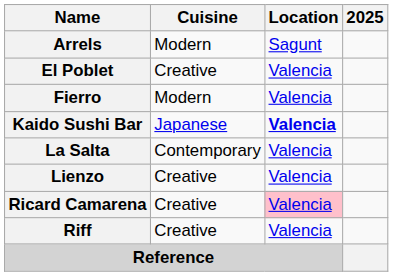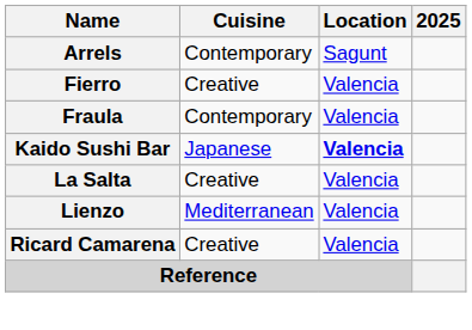 <table class="wikitable sortable plainrowheaders" style="text-align:left;">
 <tr>
 <th scope="col">Name</th>
 <th scope="col">Cuisine</th>
 <th scope="col">Location</th>
 <th scope="col">2025</th>
 </tr>
 <tr>
 <th scope="row">Arrels</th>
-<td>Modern</td>
+<td>Contemporary</td>
 <td><a href='#'>Sagunt</a></td>
 <td></td>
 </tr>
 <tr>
-<th scope="row">El Poblet</th>
+<th scope="row">Fierro</th>
 <td>Creative</td>
 <td><a href='#'>Valencia</a></td>
 <td></td>
 </tr>
 <tr>
-<th scope="row">Fierro</th>
-<td>Modern</td>
+<th scope="row">Fraula</th>
+<td>Contemporary</td>
 <td><a href='#'>Valencia</a></td>
 <td></td>
 </tr>
 <tr>
 <th scope="row">Kaido Sushi Bar</th>
 <td><a href='#'>Japanese</a></td>
 <td><strong><a href='#'>Valencia</a></strong></td>
 <td></td>
 </tr>
 <tr>
 <th scope="row">La Salta</th>
-<td>Contemporary</td>
+<td>Creative</td>
 <td><a href='#'>Valencia</a></td>
 <td></td>
 </tr>
 <tr>
 <th scope="row">Lienzo</th>
-<td>Creative</td>
+<td><a href='#'>Mediterranean</a></td>
 <td><a href='#'>Valencia</a></td>
 <td></td>
 </tr>
 <tr>
 <th scope="row">Ricard Camarena</th>
-<td>Creative</td>
-<td style="background: pink;"><a href='#'>Valencia</a></td>
-<td></td>
-</tr>
-<tr>
-<th scope="row">Riff</th>
 <td>Creative</td>
 <td><a href='#'>Valencia</a></td>
 <td></td>
 </tr>
 <tr>
 <th colspan="3" style="text-align: center;background: lightgray;">Reference</th>
 <th></th>
 </tr>
 </table>
